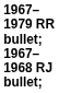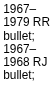 <table style="width:80px;">
 <tr>
 <td><br></td>
 </tr>
 <tr>
-<td><strong><div>1967–1979 RR bullet; 1967–1968 RJ bullet;</div></strong></td>
+<td><div>1967–1979 RR bullet; 1967–1968 RJ bullet;</div></td>
 </tr>
 </table>
